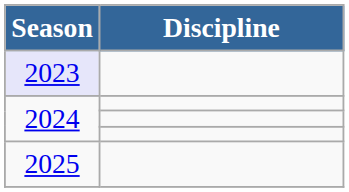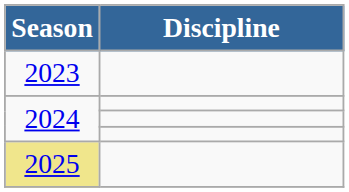 <table class="wikitable"  style="font-size:95%; text-align:center; border:gray solid 1px; width:30%;">
 <tr style="background:#369; color:white;">
 <td colspan="1" style="width:10%;"><strong>Season</strong></td>
 <td><strong>Discipline</strong></td>
 </tr>
 <tr>
-<td align=center style="background: lavender;"><a href='#'>2023</a></td>
+<td align=center><a href='#'>2023</a></td>
 <td align=center></td>
 </tr>
 <tr>
 <td rowspan=3 align=center><a href='#'>2024</a></td>
 <td align=center><strong></strong></td>
 </tr>
 <tr>
 <td align=center></td>
 </tr>
 <tr>
 <td align=center></td>
 </tr>
 <tr>
-<td align=center><a href='#'>2025</a></td>
+<td align=center style="background: khaki;"><a href='#'>2025</a></td>
 <td align=center></td>
 </tr>
 </table>
